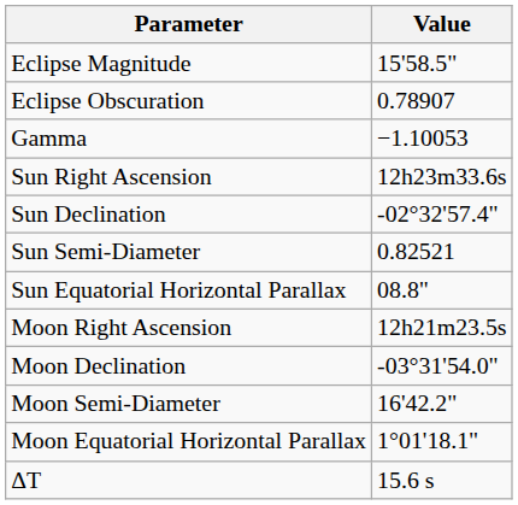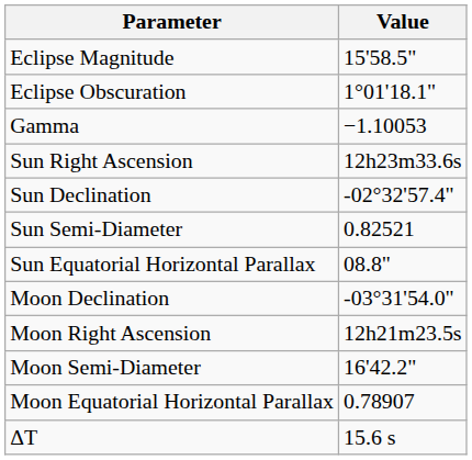 <table class="wikitable">
 <tr>
 <th>Parameter</th>
 <th>Value</th>
 </tr>
 <tr>
 <td>Eclipse Magnitude</td>
 <td>15'58.5"</td>
 </tr>
 <tr>
 <td>Eclipse Obscuration</td>
-<td>0.78907</td>
+<td>1°01'18.1"</td>
 </tr>
 <tr>
 <td>Gamma</td>
 <td>−1.10053</td>
 </tr>
 <tr>
 <td>Sun Right Ascension</td>
 <td>12h23m33.6s</td>
 </tr>
 <tr>
 <td>Sun Declination</td>
 <td>-02°32'57.4"</td>
 </tr>
 <tr>
 <td>Sun Semi-Diameter</td>
 <td>0.82521</td>
 </tr>
 <tr>
 <td>Sun Equatorial Horizontal Parallax</td>
 <td>08.8"</td>
 </tr>
 <tr>
+<td>Moon Declination</td>
+<td>-03°31'54.0"</td>
+</tr>
+<tr>
 <td>Moon Right Ascension</td>
 <td>12h21m23.5s</td>
-</tr>
-<tr>
-<td>Moon Declination</td>
-<td>-03°31'54.0"</td>
 </tr>
 <tr>
 <td>Moon Semi-Diameter</td>
 <td>16'42.2"</td>
 </tr>
 <tr>
 <td>Moon Equatorial Horizontal Parallax</td>
-<td>1°01'18.1"</td>
+<td>0.78907</td>
 </tr>
 <tr>
 <td>ΔT</td>
 <td>15.6 s</td>
 </tr>
 </table>
